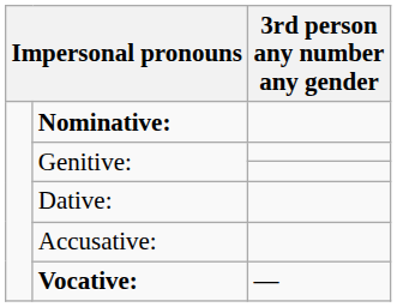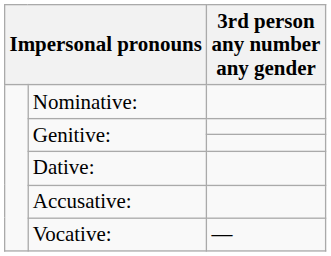 <table class="wikitable">
 <tr>
 <th colspan="2"><strong>Impersonal pronouns</strong></th>
 <th>3rd person <br> any number <br> any gender</th>
 </tr>
 <tr>
 <td rowspan="6" style="width:5en"> </td>
-<td><strong>Nominative:</strong></td>
+<td>Nominative:</td>
 <td><em></em></td>
 </tr>
 <tr>
 <td rowspan="2">Genitive:</td>
 <td><em></em></td>
 </tr>
 <tr>
 <td><em></em></td>
 </tr>
 <tr>
 <td>Dative:</td>
 <td><em></em></td>
 </tr>
 <tr>
 <td>Accusative:</td>
 <td><em></em></td>
 </tr>
 <tr>
-<td><strong>Vocative:</strong></td>
+<td>Vocative:</td>
 <td>—</td>
 </tr>
 </table>
